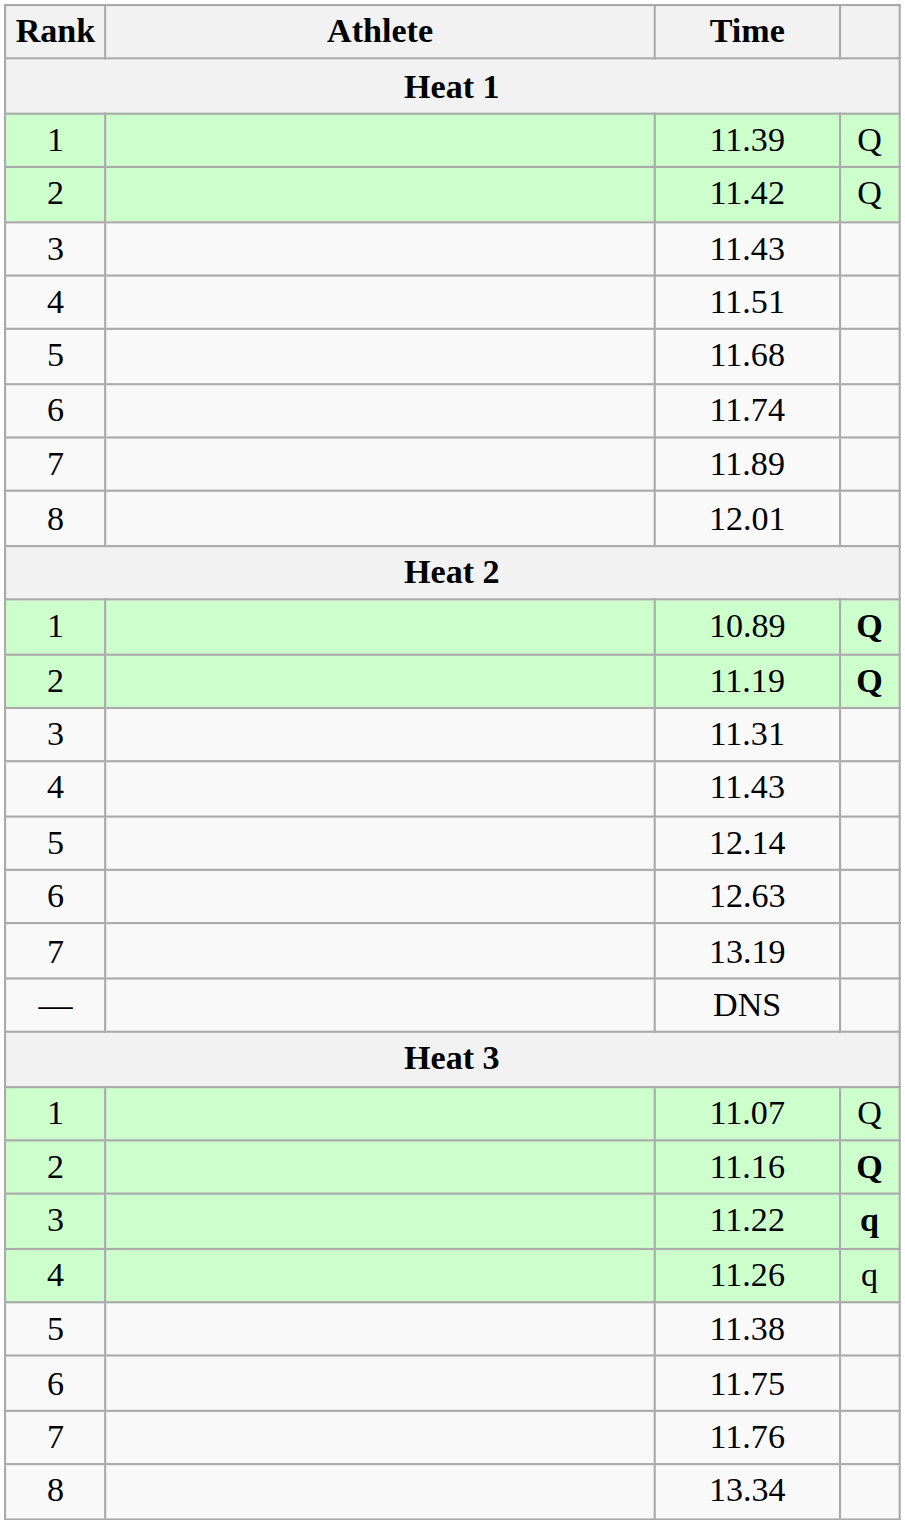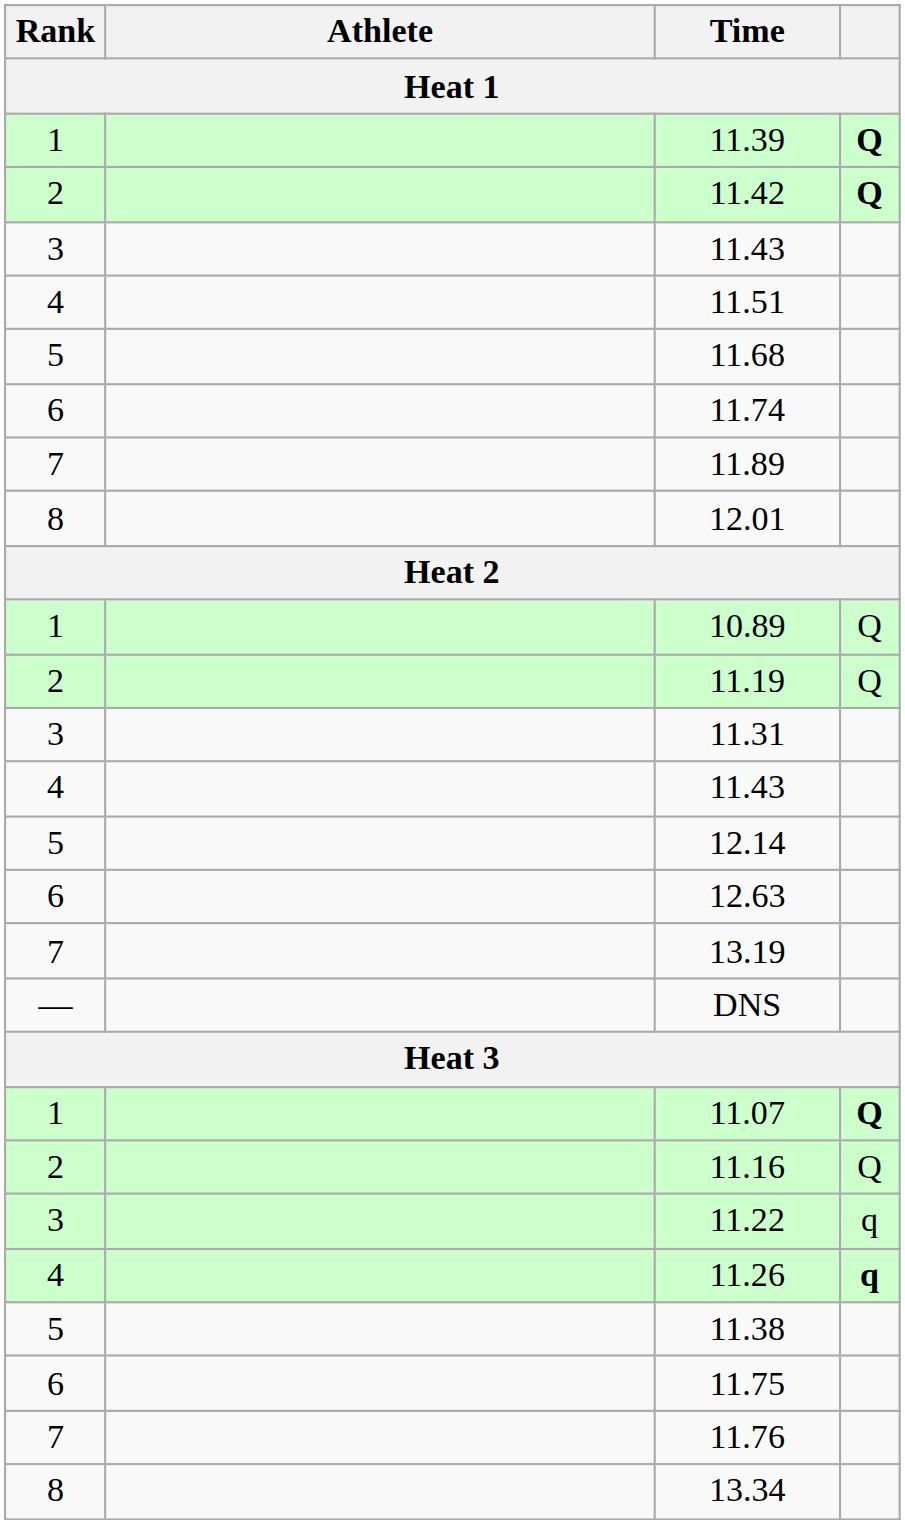 <table class=wikitable style="text-align:center">
 <tr>
 <th width=40>Rank</th>
 <th width=250>Athlete</th>
 <th width=80>Time</th>
 <th width=20></th>
 </tr>
 <tr>
 <th colspan=4>Heat 1</th>
 </tr>
 <tr bgcolor="ccffcc">
 <td>1</td>
 <td align=left></td>
 <td>11.39</td>
-<td>Q</td>
+<td><strong>Q</strong></td>
 </tr>
 <tr bgcolor="ccffcc">
 <td>2</td>
 <td align=left></td>
 <td>11.42</td>
-<td>Q</td>
+<td><strong>Q</strong></td>
 </tr>
 <tr>
 <td>3</td>
 <td align=left></td>
 <td>11.43</td>
 <td></td>
 </tr>
 <tr>
 <td>4</td>
 <td align=left></td>
 <td>11.51</td>
 <td></td>
 </tr>
 <tr>
 <td>5</td>
 <td align=left></td>
 <td>11.68</td>
 <td></td>
 </tr>
 <tr>
 <td>6</td>
 <td align=left></td>
 <td>11.74</td>
 <td></td>
 </tr>
 <tr>
 <td>7</td>
 <td align=left></td>
 <td>11.89</td>
 <td></td>
 </tr>
 <tr>
 <td>8</td>
 <td align=left></td>
 <td>12.01</td>
 <td></td>
 </tr>
 <tr>
 <th colspan=4>Heat 2</th>
 </tr>
 <tr bgcolor="ccffcc">
 <td>1</td>
 <td align=left></td>
 <td>10.89</td>
-<td><strong>Q</strong></td>
+<td>Q</td>
 </tr>
 <tr bgcolor="ccffcc">
 <td>2</td>
 <td align=left></td>
 <td>11.19</td>
-<td><strong>Q</strong></td>
+<td>Q</td>
 </tr>
 <tr>
 <td>3</td>
 <td align=left></td>
 <td>11.31</td>
 <td></td>
 </tr>
 <tr>
 <td>4</td>
 <td align=left></td>
 <td>11.43</td>
 <td></td>
 </tr>
 <tr>
 <td>5</td>
 <td align=left></td>
 <td>12.14</td>
 <td></td>
 </tr>
 <tr>
 <td>6</td>
 <td align=left></td>
 <td>12.63</td>
 <td></td>
 </tr>
 <tr>
 <td>7</td>
 <td align=left></td>
 <td>13.19</td>
 <td></td>
 </tr>
 <tr>
 <td>—</td>
 <td align=left></td>
 <td>DNS</td>
 <td></td>
 </tr>
 <tr>
 <th colspan=4>Heat 3</th>
 </tr>
 <tr bgcolor="ccffcc">
 <td>1</td>
 <td align=left></td>
 <td>11.07</td>
-<td>Q</td>
+<td><strong>Q</strong></td>
 </tr>
 <tr bgcolor="ccffcc">
 <td>2</td>
 <td align=left></td>
 <td>11.16</td>
-<td><strong>Q</strong></td>
+<td>Q</td>
 </tr>
 <tr bgcolor="ccffcc">
 <td>3</td>
 <td align=left></td>
 <td>11.22</td>
-<td><strong>q</strong></td>
+<td>q</td>
 </tr>
 <tr bgcolor="ccffcc">
 <td>4</td>
 <td align=left></td>
 <td>11.26</td>
-<td>q</td>
+<td><strong>q</strong></td>
 </tr>
 <tr>
 <td>5</td>
 <td align=left></td>
 <td>11.38</td>
 <td></td>
 </tr>
 <tr>
 <td>6</td>
 <td align=left></td>
 <td>11.75</td>
 <td></td>
 </tr>
 <tr>
 <td>7</td>
 <td align=left></td>
 <td>11.76</td>
 <td></td>
 </tr>
 <tr>
 <td>8</td>
 <td align=left></td>
 <td>13.34</td>
 <td></td>
 </tr>
 </table>
